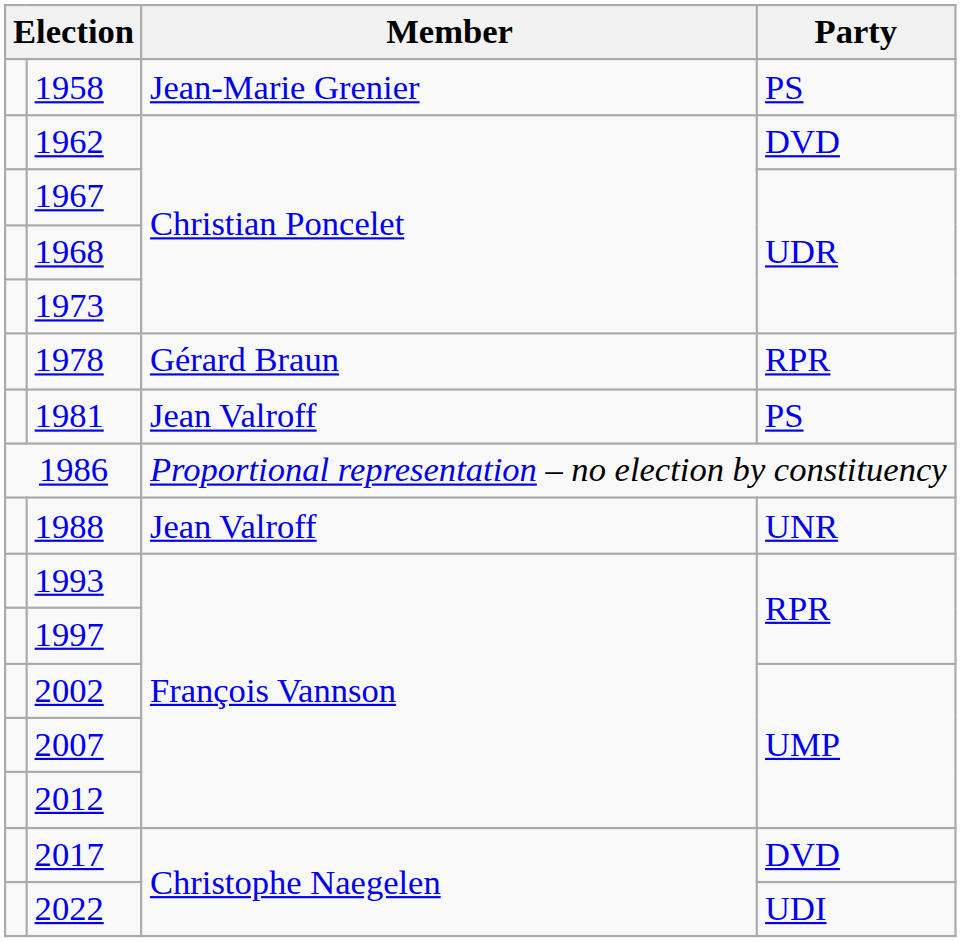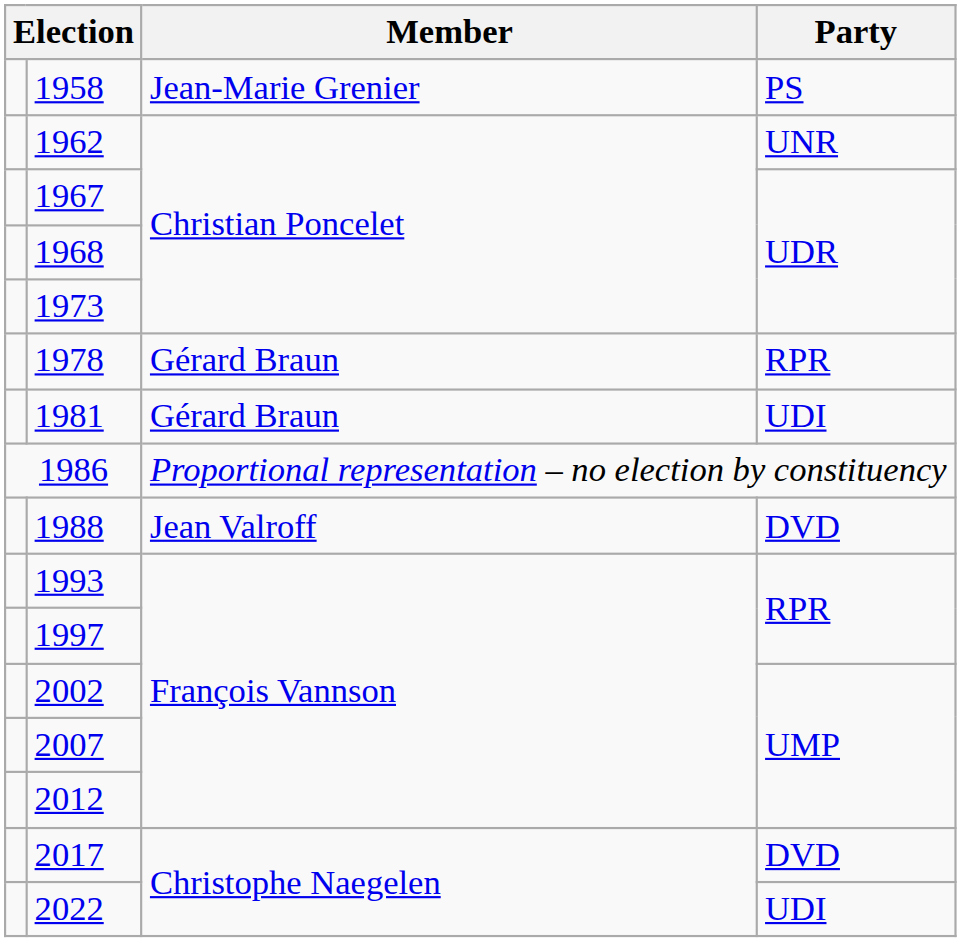 <table class="wikitable">
 <tr>
 <th colspan="2">Election</th>
 <th>Member</th>
 <th>Party</th>
 </tr>
 <tr>
 <td style="background-color: "></td>
 <td><a href='#'>1958</a></td>
 <td><a href='#'>Jean-Marie Grenier</a></td>
 <td><a href='#'>PS</a></td>
 </tr>
 <tr>
 <td style="background-color: "></td>
 <td><a href='#'>1962</a></td>
 <td rowspan="4"><a href='#'>Christian Poncelet</a></td>
-<td><a href='#'>DVD</a></td>
+<td><a href='#'>UNR</a></td>
 </tr>
 <tr>
 <td style="background-color: "></td>
 <td><a href='#'>1967</a></td>
 <td rowspan="3"><a href='#'>UDR</a></td>
 </tr>
 <tr>
 <td style="background-color: "></td>
 <td><a href='#'>1968</a></td>
 </tr>
 <tr>
 <td style="background-color: "></td>
 <td><a href='#'>1973</a></td>
 </tr>
 <tr>
 <td style="background-color: "></td>
 <td><a href='#'>1978</a></td>
 <td><a href='#'>Gérard Braun</a></td>
 <td><a href='#'>RPR</a></td>
 </tr>
 <tr>
 <td style="background-color: "></td>
 <td><a href='#'>1981</a></td>
-<td><a href='#'>Jean Valroff</a></td>
-<td><a href='#'>PS</a></td>
+<td><a href='#'>Gérard Braun</a></td>
+<td><a href='#'>UDI</a></td>
 </tr>
 <tr>
 <td colspan="2" align="center"><a href='#'>1986</a></td>
 <td colspan="2"><em><a href='#'>Proportional representation</a> – no election by constituency</em></td>
 </tr>
 <tr>
 <td style="background-color: "></td>
 <td><a href='#'>1988</a></td>
 <td><a href='#'>Jean Valroff</a></td>
-<td><a href='#'>UNR</a></td>
+<td><a href='#'>DVD</a></td>
 </tr>
 <tr>
 <td style="background-color: "></td>
 <td><a href='#'>1993</a></td>
 <td rowspan="5"><a href='#'>François Vannson</a></td>
 <td rowspan="2"><a href='#'>RPR</a></td>
 </tr>
 <tr>
 <td style="background-color: "></td>
 <td><a href='#'>1997</a></td>
 </tr>
 <tr>
 <td style="background-color: "></td>
 <td><a href='#'>2002</a></td>
 <td rowspan="3"><a href='#'>UMP</a></td>
 </tr>
 <tr>
 <td style="background-color: "></td>
 <td><a href='#'>2007</a></td>
 </tr>
 <tr>
 <td style="background-color: "></td>
 <td><a href='#'>2012</a></td>
 </tr>
 <tr>
 <td style="background-color: "></td>
 <td><a href='#'>2017</a></td>
 <td rowspan="2"><a href='#'>Christophe Naegelen</a></td>
 <td><a href='#'>DVD</a></td>
 </tr>
 <tr>
 <td style="background-color: "></td>
 <td><a href='#'>2022</a></td>
 <td><a href='#'>UDI</a></td>
 </tr>
 </table>
